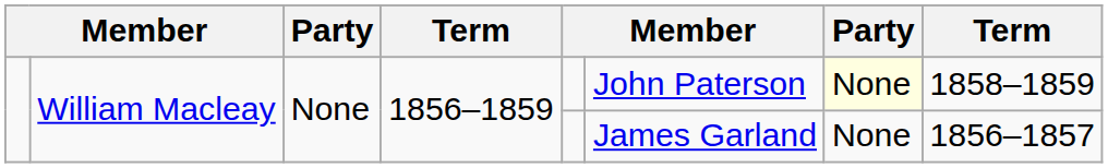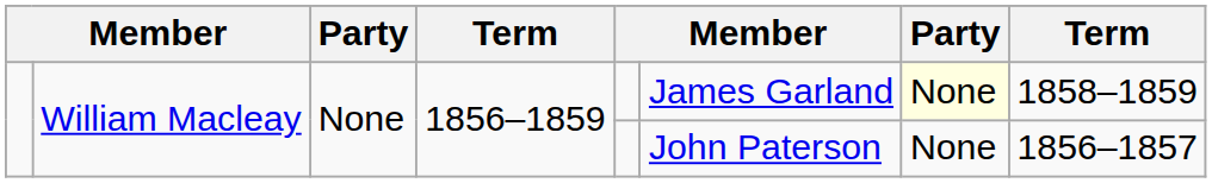 <table class="wikitable">
 <tr>
 <th colspan="2">Member</th>
 <th>Party</th>
 <th>Term</th>
 <th colspan="2">Member</th>
 <th>Party</th>
 <th>Term</th>
 </tr>
 <tr>
 <td rowspan="2" > </td>
 <td rowspan="2"><a href='#'>William Macleay</a></td>
 <td rowspan="2">None</td>
 <td rowspan="2">1856–1859</td>
 <td> </td>
-<td><a href='#'>John Paterson</a></td>
+<td><a href='#'>James Garland</a></td>
 <td style="background: lightyellow;">None</td>
 <td>1858–1859</td>
 </tr>
 <tr>
 <td> </td>
-<td><a href='#'>James Garland</a></td>
+<td><a href='#'>John Paterson</a></td>
 <td>None</td>
 <td>1856–1857</td>
 </tr>
 </table>
